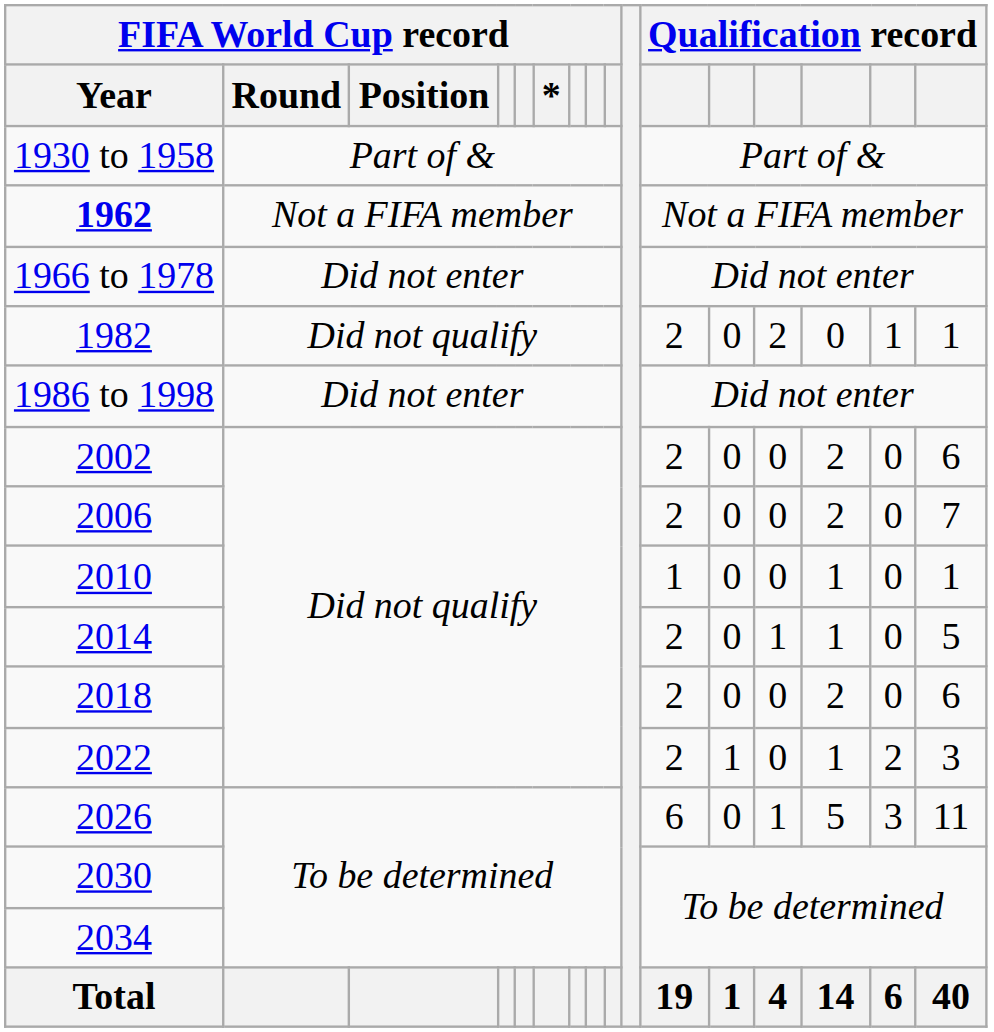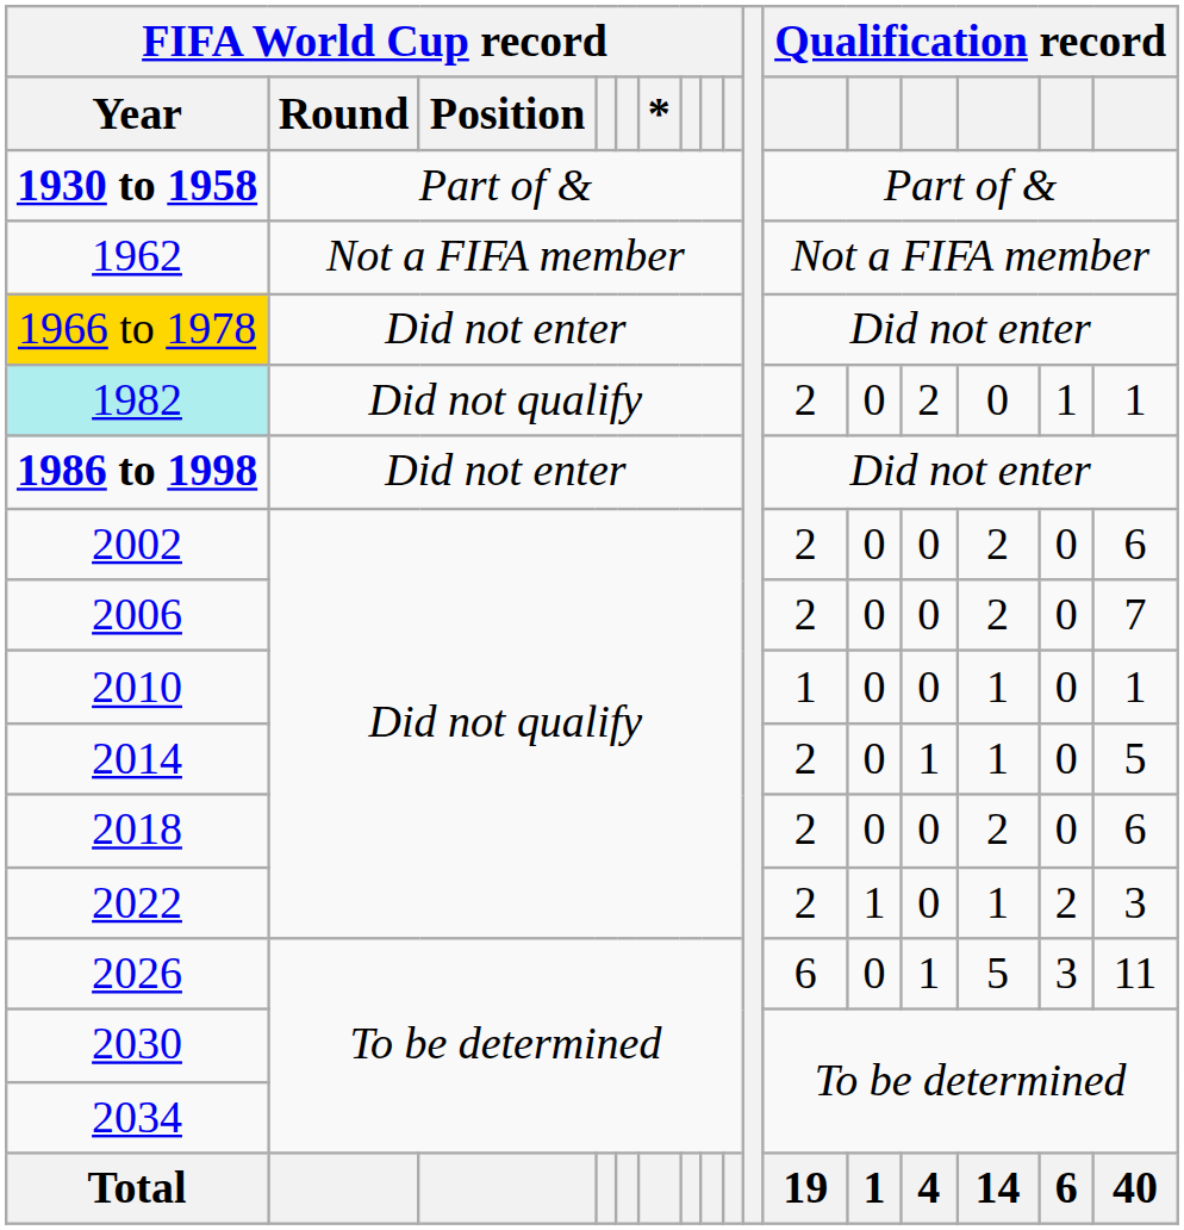 <table class="wikitable" style="text-align: center;">
 <tr>
 <th colspan=9><a href='#'>FIFA World Cup</a> record</th>
 <th rowspan=39></th>
 <th colspan=6><a href='#'>Qualification</a> record</th>
 </tr>
 <tr>
 <th>Year</th>
 <th>Round</th>
 <th>Position</th>
 <th></th>
 <th></th>
 <th>*</th>
 <th></th>
 <th></th>
 <th></th>
 <th></th>
 <th></th>
 <th></th>
 <th></th>
 <th></th>
 <th></th>
 </tr>
 <tr>
-<td><a href='#'>1930</a> to <a href='#'>1958</a></td>
+<td><strong><a href='#'>1930</a> to <a href='#'>1958</a></strong></td>
 <td colspan=8><em>Part of  & </em></td>
 <td colspan=6><em>Part of  & </em></td>
 </tr>
 <tr>
-<td><strong> <a href='#'>1962</a></strong></td>
+<td> <a href='#'>1962</a></td>
 <td colspan=8><em>Not a FIFA member</em></td>
 <td colspan=6><em>Not a FIFA member</em></td>
 </tr>
 <tr>
-<td><a href='#'>1966</a> to <a href='#'>1978</a></td>
+<td style="background: gold;"><a href='#'>1966</a> to <a href='#'>1978</a></td>
 <td colspan=8><em>Did not enter</em></td>
 <td colspan=6><em>Did not enter</em></td>
 </tr>
 <tr>
-<td> <a href='#'>1982</a></td>
+<td style="background: paleturquoise;"> <a href='#'>1982</a></td>
 <td colspan=8><em>Did not qualify</em></td>
 <td>2</td>
 <td>0</td>
 <td>2</td>
 <td>0</td>
 <td>1</td>
 <td>1</td>
 </tr>
 <tr>
-<td><a href='#'>1986</a> to <a href='#'>1998</a></td>
+<td><strong><a href='#'>1986</a> to <a href='#'>1998</a></strong></td>
 <td colspan=8><em>Did not enter</em></td>
 <td colspan=6><em>Did not enter</em></td>
 </tr>
 <tr>
 <td>  <a href='#'>2002</a></td>
 <td colspan=8 rowspan=6><em>Did not qualify</em></td>
 <td>2</td>
 <td>0</td>
 <td>0</td>
 <td>2</td>
 <td>0</td>
 <td>6</td>
 </tr>
 <tr>
 <td> <a href='#'>2006</a></td>
 <td>2</td>
 <td>0</td>
 <td>0</td>
 <td>2</td>
 <td>0</td>
 <td>7</td>
 </tr>
 <tr>
 <td> <a href='#'>2010</a></td>
 <td>1</td>
 <td>0</td>
 <td>0</td>
 <td>1</td>
 <td>0</td>
 <td>1</td>
 </tr>
 <tr>
 <td> <a href='#'>2014</a></td>
 <td>2</td>
 <td>0</td>
 <td>1</td>
 <td>1</td>
 <td>0</td>
 <td>5</td>
 </tr>
 <tr>
 <td> <a href='#'>2018</a></td>
 <td>2</td>
 <td>0</td>
 <td>0</td>
 <td>2</td>
 <td>0</td>
 <td>6</td>
 </tr>
 <tr>
 <td> <a href='#'>2022</a></td>
 <td>2</td>
 <td>1</td>
 <td>0</td>
 <td>1</td>
 <td>2</td>
 <td>3</td>
 </tr>
 <tr>
 <td>   <a href='#'>2026</a></td>
 <td colspan=8 rowspan=3><em>To be determined</em></td>
 <td>6</td>
 <td>0</td>
 <td>1</td>
 <td>5</td>
 <td>3</td>
 <td>11</td>
 </tr>
 <tr>
 <td>   <a href='#'>2030</a></td>
 <td colspan=6 rowspan=2><em>To be determined</em></td>
 </tr>
 <tr>
 <td> <a href='#'>2034</a></td>
 </tr>
 <tr>
 <th>Total</th>
 <th></th>
 <th></th>
 <th></th>
 <th></th>
 <th></th>
 <th></th>
 <th></th>
 <th></th>
 <th>19</th>
 <th>1</th>
 <th>4</th>
 <th>14</th>
 <th>6</th>
 <th>40</th>
 </tr>
 </table>
